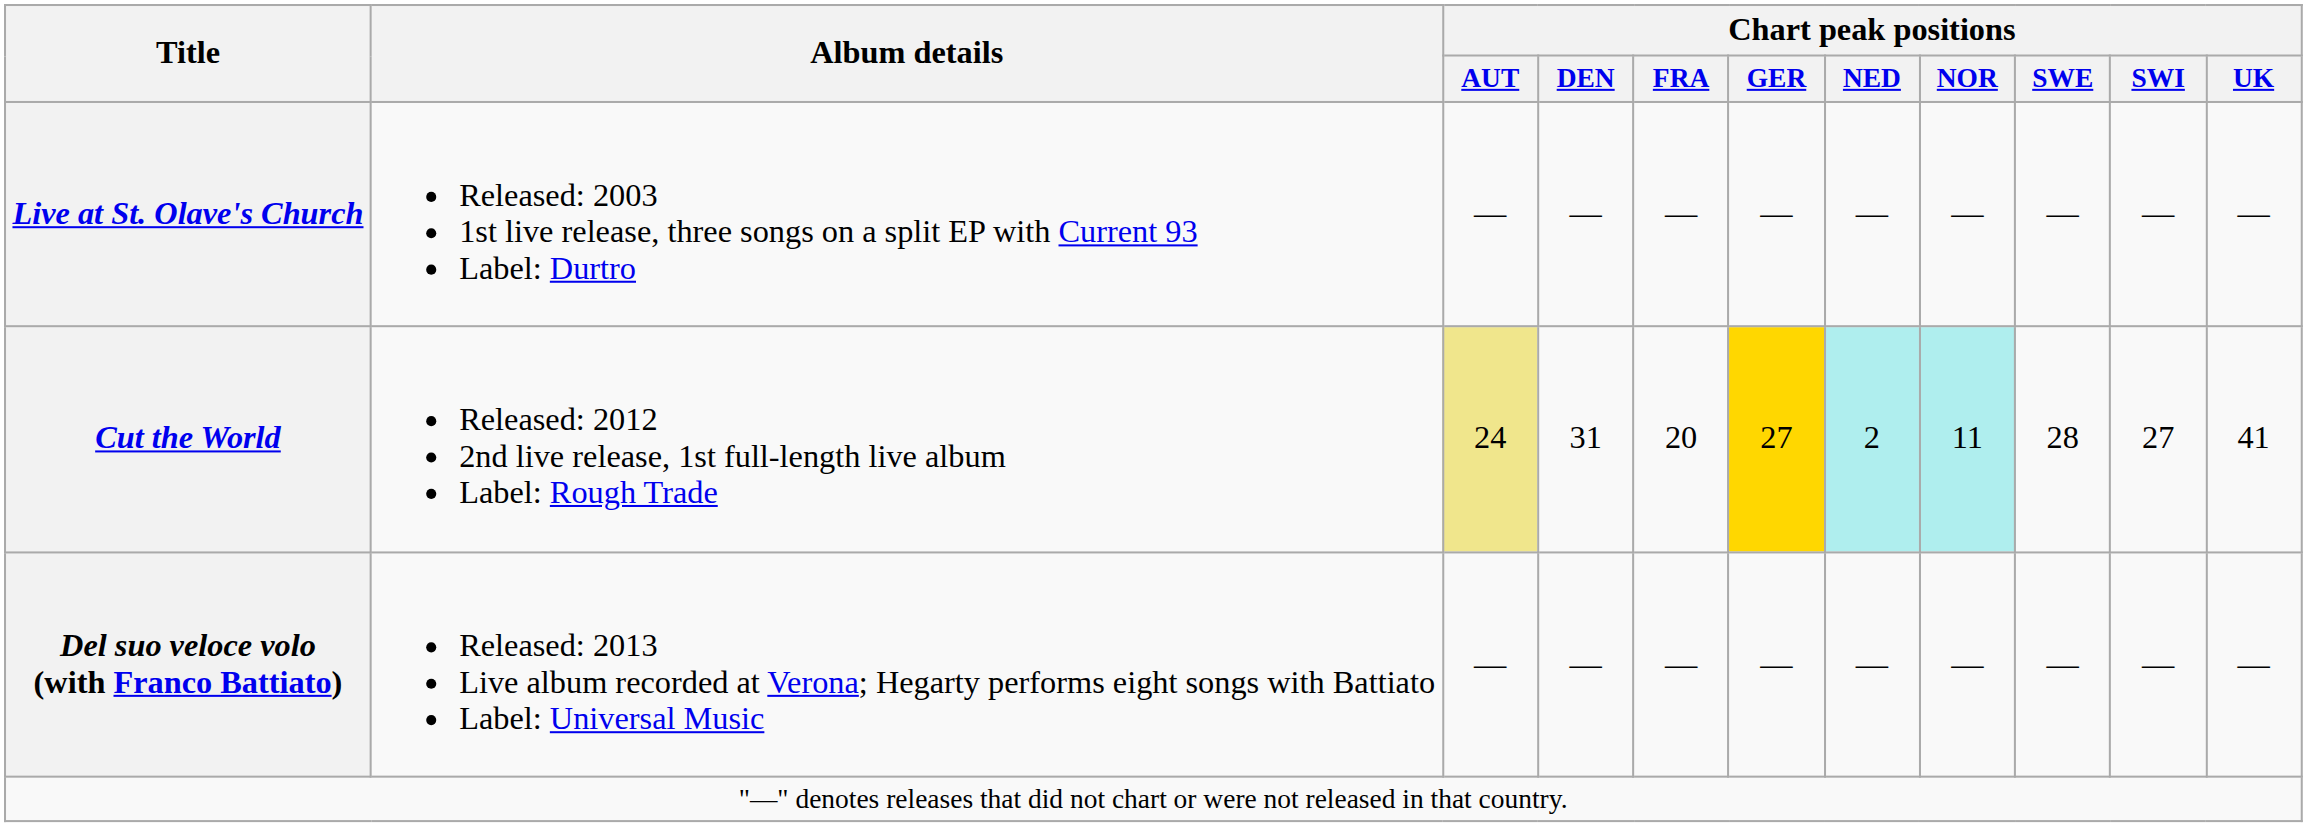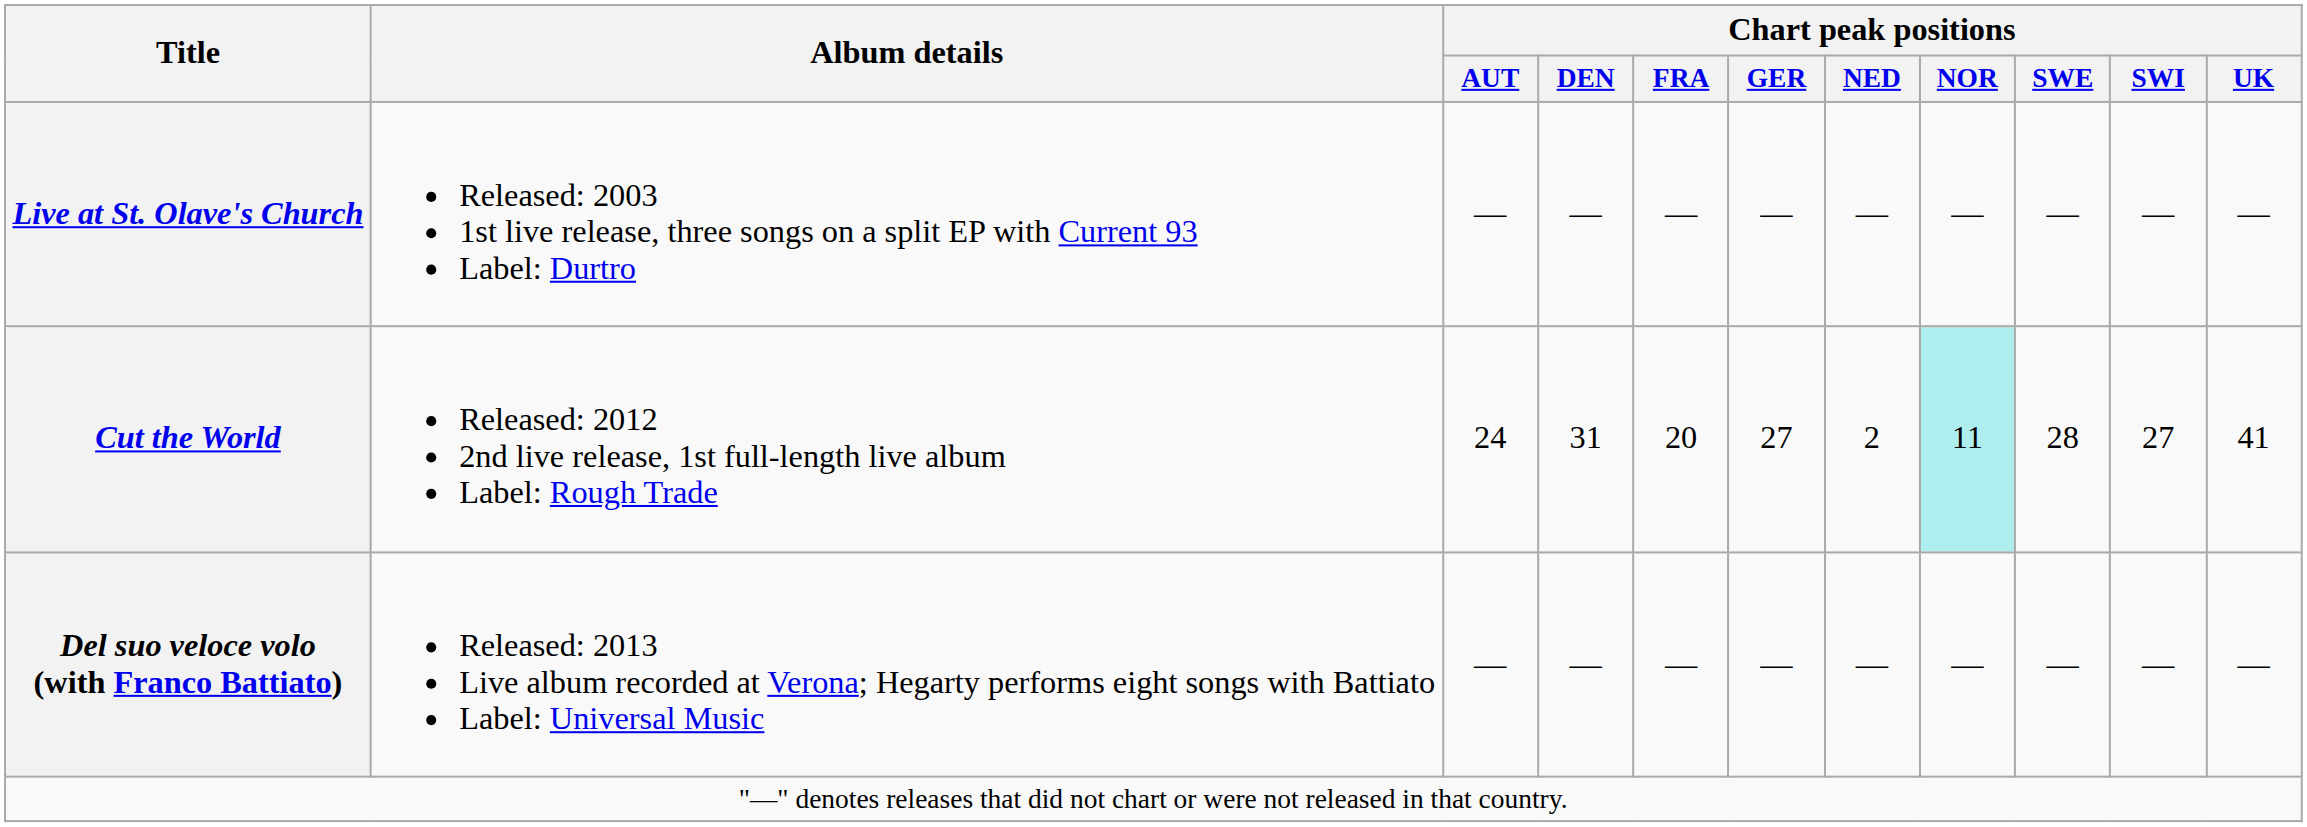 <table class="wikitable plainrowheaders">
 <tr>
 <th scope="col" rowspan="2">Title</th>
 <th scope="col" rowspan="2">Album details</th>
 <th scope="col" colspan="9">Chart peak positions</th>
 </tr>
 <tr>
 <th style="width:3em;font-size:85%"><a href='#'>AUT</a><br></th>
 <th style="width:3em;font-size:85%"><a href='#'>DEN</a><br></th>
 <th style="width:3em;font-size:85%"><a href='#'>FRA</a><br></th>
 <th style="width:3em;font-size:85%"><a href='#'>GER</a><br></th>
 <th style="width:3em;font-size:85%"><a href='#'>NED</a><br></th>
 <th style="width:3em;font-size:85%"><a href='#'>NOR</a><br></th>
 <th style="width:3em;font-size:85%"><a href='#'>SWE</a><br></th>
 <th style="width:3em;font-size:85%"><a href='#'>SWI</a><br></th>
 <th style="width:3em;font-size:85%"><a href='#'>UK</a><br></th>
 </tr>
 <tr>
 <th scope="row"><em><a href='#'>Live at St. Olave's Church</a></em></th>
 <td><br><ul><li>Released: 2003</li><li>1st live release, three songs on a split EP with <a href='#'>Current 93</a></li><li>Label: <a href='#'>Durtro</a></li></ul></td>
 <td style="text-align:center;">—</td>
 <td style="text-align:center;">—</td>
 <td style="text-align:center;">—</td>
 <td style="text-align:center;">—</td>
 <td style="text-align:center;">—</td>
 <td style="text-align:center;">—</td>
 <td style="text-align:center;">—</td>
 <td style="text-align:center;">—</td>
 <td style="text-align:center;">—</td>
 </tr>
 <tr>
 <th scope="row"><em><a href='#'>Cut the World</a></em></th>
 <td><br><ul><li>Released: 2012</li><li>2nd live release, 1st full-length live album</li><li>Label: <a href='#'>Rough Trade</a></li></ul></td>
-<td style="background: khaki; text-align:center;">24</td>
+<td style="text-align:center;">24</td>
 <td style="text-align:center;">31</td>
 <td style="text-align:center;">20</td>
-<td style="background: gold; text-align:center;">27</td>
-<td style="background: paleturquoise; text-align:center;">2</td>
+<td style="text-align:center;">27</td>
+<td style="text-align:center;">2</td>
 <td style="background: paleturquoise; text-align:center;">11</td>
 <td style="text-align:center;">28</td>
 <td style="text-align:center;">27</td>
 <td style="text-align:center;">41</td>
 </tr>
 <tr>
 <th scope="row"><em>Del suo veloce volo</em><br>(with <a href='#'>Franco Battiato</a>)</th>
 <td><br><ul><li>Released: 2013</li><li>Live album recorded at <a href='#'>Verona</a>; Hegarty performs eight songs with Battiato</li><li>Label: <a href='#'>Universal Music</a></li></ul></td>
 <td style="text-align:center;">—</td>
 <td style="text-align:center;">—</td>
 <td style="text-align:center;">—</td>
 <td style="text-align:center;">—</td>
 <td style="text-align:center;">—</td>
 <td style="text-align:center;">—</td>
 <td style="text-align:center;">—</td>
 <td style="text-align:center;">—</td>
 <td style="text-align:center;">—</td>
 </tr>
 <tr>
 <td colspan="25" style="text-align:center; font-size:85%">"—" denotes releases that did not chart or were not released in that country.</td>
 </tr>
 </table>
